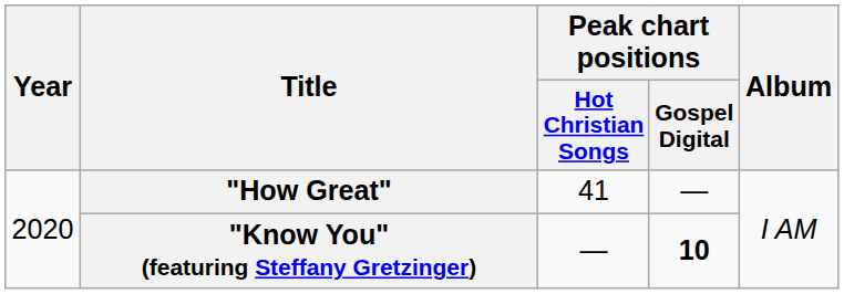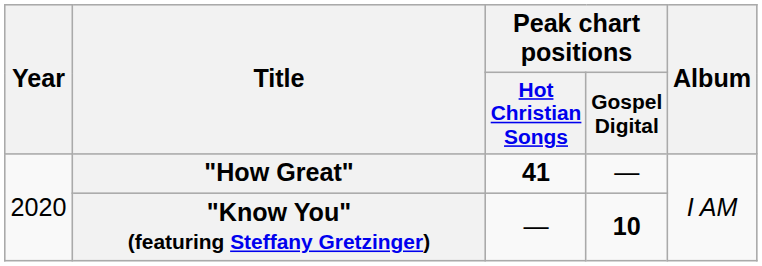 <table class="wikitable plainrowheaders" style="text-align:center;">
 <tr>
 <th rowspan="2">Year</th>
 <th rowspan="2" style="width:16em;">Title</th>
 <th colspan="2">Peak chart positions</th>
 <th rowspan="2">Album</th>
 </tr>
 <tr style="font-size:smaller;">
 <th width="45"><a href='#'>Hot Christian Songs</a></th>
 <th width="45">Gospel Digital</th>
 </tr>
 <tr>
 <td rowspan="2">2020</td>
 <th scope="row">"How Great"</th>
-<td>41</td>
+<td><strong>41</strong></td>
 <td>—</td>
 <td rowspan="2"><em>I AM</em></td>
 </tr>
 <tr>
 <th scope="row">"Know You"<br><small>(featuring <a href='#'>Steffany Gretzinger</a>)</small></th>
 <td>—</td>
 <td><strong>10</strong></td>
 </tr>
 </table>
